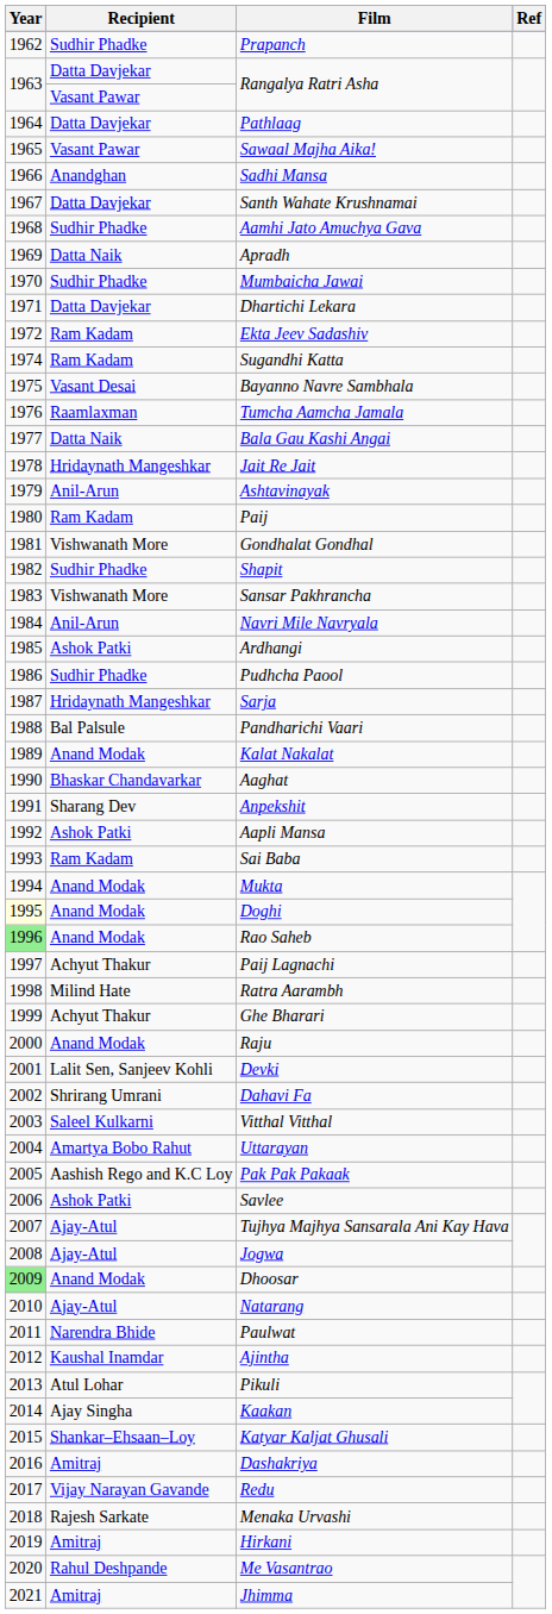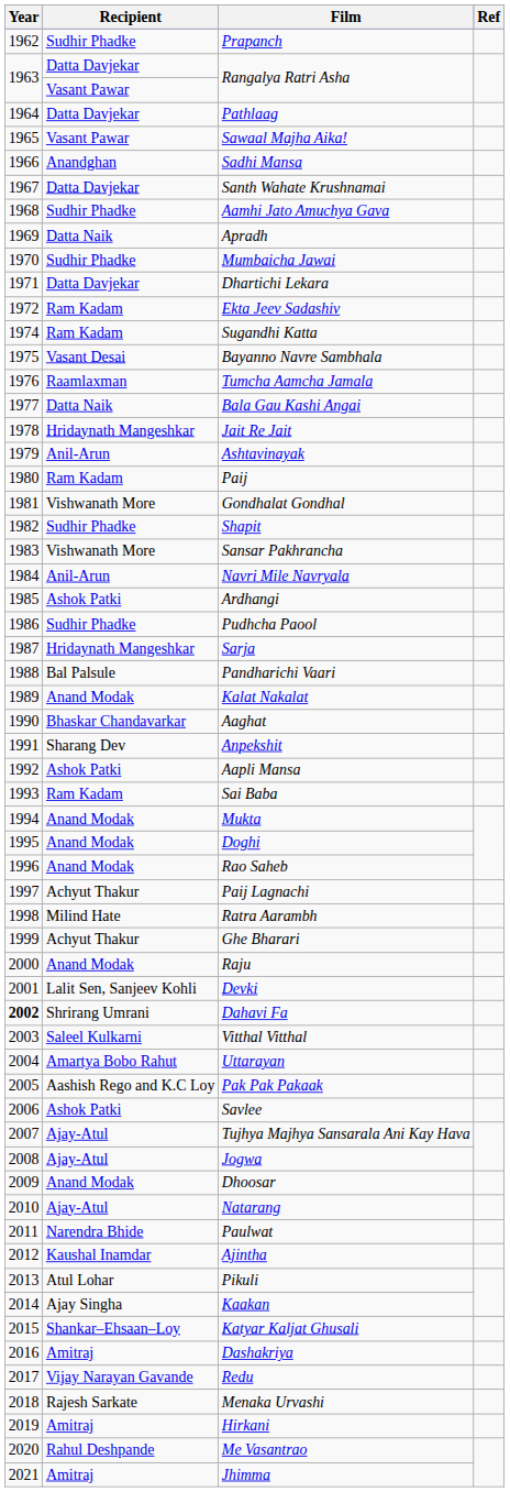 <table class="wikitable sortable">
 <tr style="background:blue;">
 <th>Year</th>
 <th>Recipient</th>
 <th>Film</th>
 <th>Ref</th>
 </tr>
 <tr>
 <td>1962</td>
 <td><a href='#'>Sudhir Phadke</a></td>
 <td><em><a href='#'>Prapanch</a></em></td>
 <td></td>
 </tr>
 <tr>
 <td rowspan="3">1963</td>
 <td><a href='#'>Datta Davjekar</a></td>
 <td rowspan="3"><em>Rangalya Ratri Asha</em></td>
 <td rowspan="3"></td>
 </tr>
 <tr>
 <td><a href='#'>Vasant Pawar</a></td>
 </tr>
 <tr>
 <td rowspan="2"><a href='#'>Datta Davjekar</a></td>
 </tr>
 <tr>
 <td>1964</td>
 <td><em><a href='#'>Pathlaag</a></em></td>
 <td></td>
 </tr>
 <tr>
 <td>1965</td>
 <td><a href='#'>Vasant Pawar</a></td>
 <td><em><a href='#'>Sawaal Majha Aika!</a></em></td>
 <td></td>
 </tr>
 <tr>
 <td>1966</td>
 <td><a href='#'>Anandghan</a></td>
 <td><em><a href='#'>Sadhi Mansa</a></em></td>
 <td></td>
 </tr>
 <tr>
 <td>1967</td>
 <td><a href='#'>Datta Davjekar</a></td>
 <td><em>Santh Wahate Krushnamai</em></td>
 <td></td>
 </tr>
 <tr>
 <td>1968</td>
 <td><a href='#'>Sudhir Phadke</a></td>
 <td><em><a href='#'>Aamhi Jato Amuchya Gava</a></em></td>
 <td></td>
 </tr>
 <tr>
 <td>1969</td>
 <td><a href='#'>Datta Naik</a></td>
 <td><em>Apradh</em></td>
 <td></td>
 </tr>
 <tr>
 <td>1970</td>
 <td><a href='#'>Sudhir Phadke</a></td>
 <td><em><a href='#'>Mumbaicha Jawai</a></em></td>
 <td></td>
 </tr>
 <tr>
 <td>1971</td>
 <td><a href='#'>Datta Davjekar</a></td>
 <td><em>Dhartichi Lekara</em></td>
 <td></td>
 </tr>
 <tr>
 <td>1972</td>
 <td><a href='#'>Ram Kadam</a></td>
 <td><em><a href='#'>Ekta Jeev Sadashiv</a></em></td>
 <td></td>
 </tr>
 <tr>
 <td>1974</td>
 <td><a href='#'>Ram Kadam</a></td>
 <td><em>Sugandhi Katta</em></td>
 <td></td>
 </tr>
 <tr>
 <td>1975</td>
 <td><a href='#'>Vasant Desai</a></td>
 <td><em>Bayanno Navre Sambhala</em></td>
 <td></td>
 </tr>
 <tr>
 <td>1976</td>
 <td><a href='#'>Raamlaxman</a></td>
 <td><em><a href='#'>Tumcha Aamcha Jamala</a></em></td>
 <td></td>
 </tr>
 <tr>
 <td>1977</td>
 <td><a href='#'>Datta Naik</a></td>
 <td><em><a href='#'>Bala Gau Kashi Angai</a></em></td>
 <td></td>
 </tr>
 <tr>
 <td>1978</td>
 <td><a href='#'>Hridaynath Mangeshkar</a></td>
 <td><em><a href='#'>Jait Re Jait</a></em></td>
 <td></td>
 </tr>
 <tr>
 <td>1979</td>
 <td><a href='#'>Anil-Arun</a></td>
 <td><em><a href='#'>Ashtavinayak</a></em></td>
 <td></td>
 </tr>
 <tr>
 <td>1980</td>
 <td><a href='#'>Ram Kadam</a></td>
 <td><em>Paij</em></td>
 <td></td>
 </tr>
 <tr>
 <td>1981</td>
 <td>Vishwanath More</td>
 <td><em>Gondhalat Gondhal</em></td>
 <td></td>
 </tr>
 <tr>
 <td>1982</td>
 <td><a href='#'>Sudhir Phadke</a></td>
 <td><em><a href='#'>Shapit</a></em></td>
 <td></td>
 </tr>
 <tr>
 <td>1983</td>
 <td>Vishwanath More</td>
 <td><em>Sansar Pakhrancha</em></td>
 <td></td>
 </tr>
 <tr>
 <td>1984</td>
 <td><a href='#'>Anil-Arun</a></td>
 <td><em><a href='#'>Navri Mile Navryala</a></em></td>
 <td></td>
 </tr>
 <tr>
 <td>1985</td>
 <td><a href='#'>Ashok Patki</a></td>
 <td><em>Ardhangi</em></td>
 <td></td>
 </tr>
 <tr>
 <td>1986</td>
 <td><a href='#'>Sudhir Phadke</a></td>
 <td><em>Pudhcha Paool</em></td>
 <td></td>
 </tr>
 <tr>
 <td>1987</td>
 <td><a href='#'>Hridaynath Mangeshkar</a></td>
 <td><em><a href='#'>Sarja</a></em></td>
 <td></td>
 </tr>
 <tr>
 <td>1988</td>
 <td>Bal Palsule</td>
 <td><em>Pandharichi Vaari</em></td>
 <td></td>
 </tr>
 <tr>
 <td>1989</td>
 <td><a href='#'>Anand Modak</a></td>
 <td><em><a href='#'>Kalat Nakalat</a></em></td>
 <td></td>
 </tr>
 <tr>
 <td>1990</td>
 <td><a href='#'>Bhaskar Chandavarkar</a></td>
 <td><em>Aaghat</em></td>
 <td></td>
 </tr>
 <tr>
 <td>1991</td>
 <td>Sharang Dev</td>
 <td><em><a href='#'>Anpekshit</a></em></td>
 <td></td>
 </tr>
 <tr>
 <td>1992</td>
 <td><a href='#'>Ashok Patki</a></td>
 <td><em>Aapli Mansa</em></td>
 <td></td>
 </tr>
 <tr>
 <td>1993</td>
 <td><a href='#'>Ram Kadam</a></td>
 <td><em>Sai Baba</em></td>
 <td></td>
 </tr>
 <tr>
 <td>1994</td>
 <td><a href='#'>Anand Modak</a></td>
 <td><em><a href='#'>Mukta</a></em></td>
 <td rowspan="3"></td>
 </tr>
 <tr>
-<td style="background: lightyellow;">1995</td>
+<td>1995</td>
 <td><a href='#'>Anand Modak</a></td>
 <td><em><a href='#'>Doghi</a></em></td>
 </tr>
 <tr>
-<td style="background: lightgreen;">1996</td>
+<td>1996</td>
 <td><a href='#'>Anand Modak</a></td>
 <td><em>Rao Saheb</em></td>
 </tr>
 <tr>
 <td>1997</td>
 <td>Achyut Thakur</td>
 <td><em>Paij Lagnachi</em></td>
 <td></td>
 </tr>
 <tr>
 <td>1998</td>
 <td>Milind Hate</td>
 <td><em>Ratra Aarambh</em></td>
 <td></td>
 </tr>
 <tr>
 <td>1999</td>
 <td>Achyut Thakur</td>
 <td><em>Ghe Bharari</em></td>
 <td></td>
 </tr>
 <tr>
 <td>2000</td>
 <td><a href='#'>Anand Modak</a></td>
 <td><em>Raju</em></td>
 <td></td>
 </tr>
 <tr>
 <td>2001</td>
 <td>Lalit Sen, Sanjeev Kohli</td>
 <td><em><a href='#'>Devki</a></em></td>
 <td></td>
 </tr>
 <tr>
-<td>2002</td>
+<td><strong>2002</strong></td>
 <td>Shrirang Umrani</td>
 <td><em><a href='#'>Dahavi Fa</a></em></td>
 <td></td>
 </tr>
 <tr>
 <td>2003</td>
 <td><a href='#'>Saleel Kulkarni</a></td>
 <td><em>Vitthal Vitthal</em></td>
 <td></td>
 </tr>
 <tr>
 <td>2004</td>
 <td><a href='#'>Amartya Bobo Rahut</a></td>
 <td><em><a href='#'>Uttarayan</a></em></td>
 <td></td>
 </tr>
 <tr>
 <td>2005</td>
 <td>Aashish Rego and K.C Loy</td>
 <td><em><a href='#'>Pak Pak Pakaak</a></em></td>
 <td></td>
 </tr>
 <tr>
 <td>2006</td>
 <td><a href='#'>Ashok Patki</a></td>
 <td><em>Savlee</em></td>
 <td></td>
 </tr>
 <tr>
 <td>2007</td>
 <td><a href='#'>Ajay-Atul</a></td>
 <td><em>Tujhya Majhya Sansarala Ani Kay Hava</em></td>
 <td rowspan="2"></td>
 </tr>
 <tr>
 <td>2008</td>
 <td><a href='#'>Ajay-Atul</a></td>
 <td><em><a href='#'>Jogwa</a></em></td>
 </tr>
 <tr>
-<td style="background: lightgreen;">2009</td>
+<td>2009</td>
 <td><a href='#'>Anand Modak</a></td>
 <td><em>Dhoosar</em></td>
 <td></td>
 </tr>
 <tr>
 <td>2010</td>
 <td><a href='#'>Ajay-Atul</a></td>
 <td><em><a href='#'>Natarang</a></em></td>
 <td></td>
 </tr>
 <tr>
 <td>2011</td>
 <td><a href='#'>Narendra Bhide</a></td>
 <td><em>Paulwat</em></td>
 <td></td>
 </tr>
 <tr>
 <td>2012</td>
 <td><a href='#'>Kaushal Inamdar</a></td>
 <td><em><a href='#'>Ajintha</a></em></td>
 <td></td>
 </tr>
 <tr>
 <td>2013</td>
 <td>Atul Lohar</td>
 <td><em>Pikuli</em></td>
 <td rowspan="2"></td>
 </tr>
 <tr>
 <td>2014</td>
 <td>Ajay Singha</td>
 <td><em><a href='#'>Kaakan</a></em></td>
 </tr>
 <tr>
 <td>2015</td>
 <td><a href='#'>Shankar–Ehsaan–Loy</a></td>
 <td><em><a href='#'>Katyar Kaljat Ghusali</a></em></td>
 <td></td>
 </tr>
 <tr>
 <td>2016</td>
 <td><a href='#'>Amitraj</a></td>
 <td><em><a href='#'>Dashakriya</a></em></td>
 <td></td>
 </tr>
 <tr>
 <td>2017</td>
 <td><a href='#'>Vijay Narayan Gavande</a></td>
 <td><em><a href='#'>Redu</a></em></td>
 <td></td>
 </tr>
 <tr>
 <td>2018</td>
 <td>Rajesh Sarkate</td>
 <td><em>Menaka Urvashi</em></td>
 <td></td>
 </tr>
 <tr>
 <td>2019</td>
 <td><a href='#'>Amitraj</a></td>
 <td><em><a href='#'>Hirkani</a></em></td>
 <td></td>
 </tr>
 <tr>
 <td>2020</td>
 <td><a href='#'>Rahul Deshpande</a></td>
 <td><em><a href='#'>Me Vasantrao</a></em></td>
 <td rowspan="2"></td>
 </tr>
 <tr>
 <td>2021</td>
 <td><a href='#'>Amitraj</a></td>
 <td><em><a href='#'>Jhimma</a></em></td>
 </tr>
 </table>
